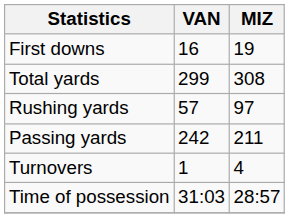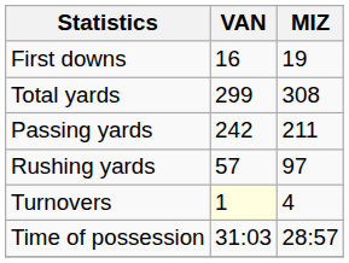 <table class="wikitable">
 <tr>
 <th>Statistics</th>
 <th>VAN</th>
 <th>MIZ</th>
 </tr>
 <tr>
 <td>First downs</td>
 <td>16</td>
 <td>19</td>
 </tr>
 <tr>
 <td>Total yards</td>
 <td>299</td>
 <td>308</td>
 </tr>
 <tr>
+<td>Passing yards</td>
+<td>242</td>
+<td>211</td>
+</tr>
+<tr>
 <td>Rushing yards</td>
 <td>57</td>
 <td>97</td>
 </tr>
 <tr>
-<td>Passing yards</td>
-<td>242</td>
-<td>211</td>
-</tr>
-<tr>
 <td>Turnovers</td>
-<td>1</td>
+<td style="background: lightyellow;">1</td>
 <td>4</td>
 </tr>
 <tr>
 <td>Time of possession</td>
 <td>31:03</td>
 <td>28:57</td>
 </tr>
 <tr>
 </tr>
 </table>
